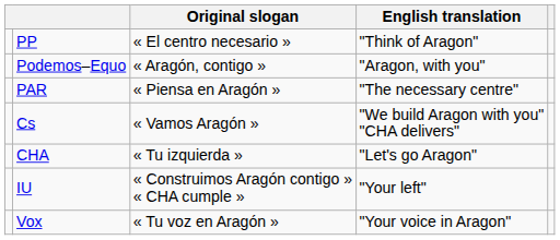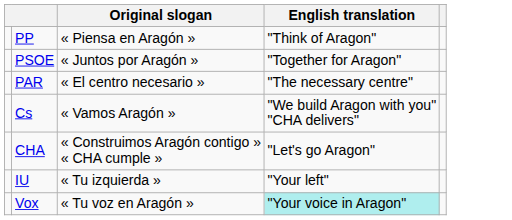 <table class="wikitable" style="text-align:left;">
 <tr>
 <th style="text-align:left;" colspan="2"></th>
 <th>Original slogan</th>
 <th>English translation</th>
 <th></th>
 </tr>
 <tr>
 <td width="1" style="color:inherit;background:"></td>
 <td><a href='#'>PP</a></td>
-<td>« El centro necesario »</td>
+<td>« Piensa en Aragón »</td>
 <td>"Think of Aragon"</td>
 <td></td>
 </tr>
 <tr>
 <td style="color:inherit;background:"></td>
-<td><a href='#'>Podemos</a>–<a href='#'>Equo</a></td>
-<td>« Aragón, contigo »</td>
-<td>"Aragon, with you"</td>
+<td><a href='#'>PSOE</a></td>
+<td>« Juntos por Aragón »</td>
+<td>"Together for Aragon"</td>
 <td></td>
 </tr>
 <tr>
 <td style="color:inherit;background:"></td>
 <td><a href='#'>PAR</a></td>
-<td>« Piensa en Aragón »</td>
+<td>« El centro necesario »</td>
 <td>"The necessary centre"</td>
 <td></td>
 </tr>
 <tr>
 <td style="color:inherit;background:"></td>
 <td><a href='#'>Cs</a></td>
 <td>« Vamos Aragón »</td>
 <td>"We build Aragon with you"<br>"CHA delivers"</td>
 <td></td>
 </tr>
 <tr>
 <td style="color:inherit;background:"></td>
 <td><a href='#'>CHA</a></td>
-<td>« Tu izquierda »</td>
+<td>« Construimos Aragón contigo »<br>« CHA cumple »</td>
 <td>"Let's go Aragon"</td>
 <td></td>
 </tr>
 <tr>
 <td style="color:inherit;background:"></td>
 <td><a href='#'>IU</a></td>
-<td>« Construimos Aragón contigo »<br>« CHA cumple »</td>
+<td>« Tu izquierda »</td>
 <td>"Your left"</td>
 <td></td>
 </tr>
 <tr>
 <td style="color:inherit;background:"></td>
 <td><a href='#'>Vox</a></td>
 <td>« Tu voz en Aragón »</td>
-<td>"Your voice in Aragon"</td>
+<td style="background: paleturquoise;">"Your voice in Aragon"</td>
 <td></td>
 </tr>
 </table>
